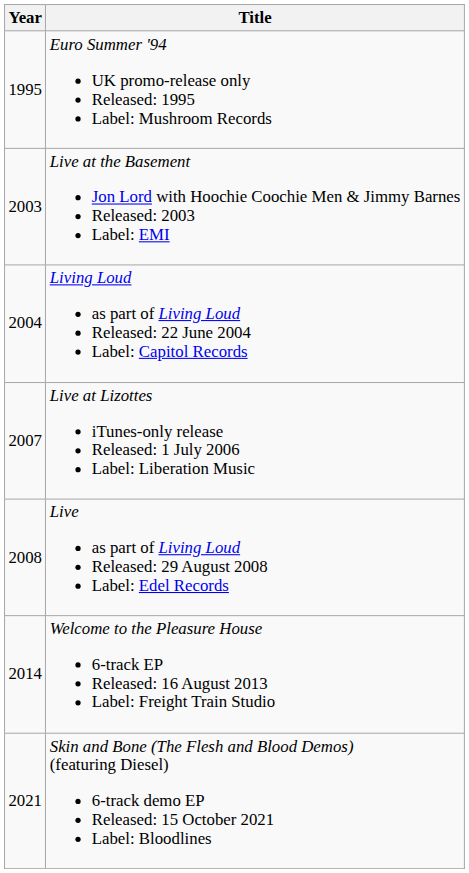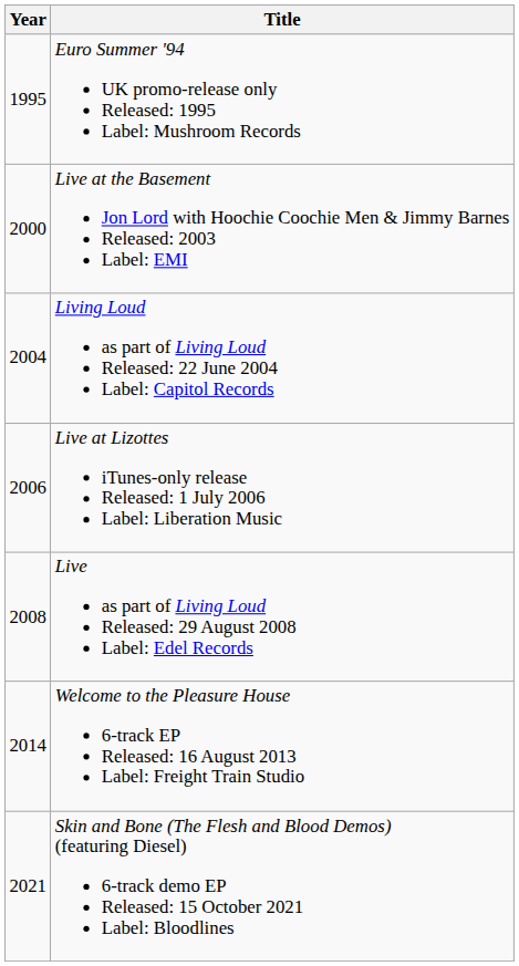 <table class="wikitable">
 <tr>
 <th scope="col">Year</th>
 <th scope="col">Title</th>
 </tr>
 <tr>
 <td>1995</td>
 <td><em>Euro Summer '94</em><br><ul><li>UK promo-release only</li><li>Released: 1995</li><li>Label: Mushroom Records</li></ul></td>
 </tr>
 <tr>
-<td>2003</td>
+<td>2000</td>
 <td><em>Live at the Basement</em><br><ul><li><a href='#'>Jon Lord</a> with Hoochie Coochie Men & Jimmy Barnes</li><li>Released: 2003</li><li>Label: <a href='#'>EMI</a></li></ul></td>
 </tr>
 <tr>
 <td>2004</td>
 <td><em><a href='#'>Living Loud</a></em><br><ul><li>as part of <em><a href='#'>Living Loud</a></em></li><li>Released: 22 June 2004</li><li>Label: <a href='#'>Capitol Records</a></li></ul></td>
 </tr>
 <tr>
-<td>2007</td>
+<td>2006</td>
 <td><em>Live at Lizottes</em><br><ul><li>iTunes-only release</li><li>Released: 1 July 2006</li><li>Label: Liberation Music</li></ul></td>
 </tr>
 <tr>
 <td>2008</td>
 <td><em>Live</em><br><ul><li>as part of <em><a href='#'>Living Loud</a></em></li><li>Released: 29 August 2008</li><li>Label: <a href='#'>Edel Records</a></li></ul></td>
 </tr>
 <tr>
 <td>2014</td>
 <td><em>Welcome to the Pleasure House</em><br><ul><li>6-track EP</li><li>Released: 16 August 2013</li><li>Label: Freight Train Studio</li></ul></td>
 </tr>
 <tr>
 <td>2021</td>
 <td><em>Skin and Bone (The Flesh and Blood Demos)</em> <br>(featuring Diesel)<br><ul><li>6-track demo EP</li><li>Released: 15 October 2021</li><li>Label: Bloodlines</li></ul></td>
 </tr>
 </table>
